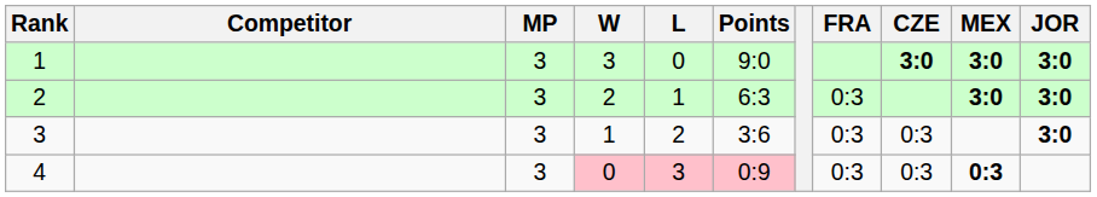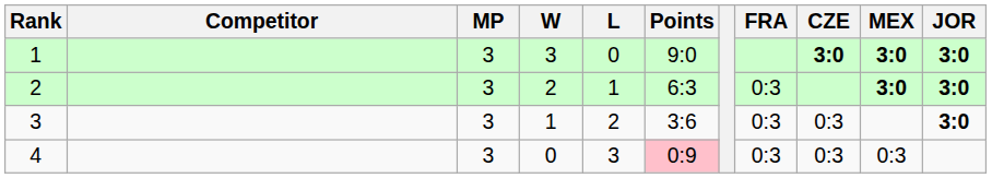 <table class="wikitable" style="text-align:center">
 <tr>
 <th>Rank</th>
 <th style="width:18em">Competitor</th>
 <th style="width:2.5em">MP</th>
 <th style="width:2.5em">W</th>
 <th style="width:2.5em">L</th>
 <th>Points</th>
 <th rowspan="5"> </th>
 <th style="width:2.5em">FRA</th>
 <th style="width:2.5em">CZE</th>
 <th style="width:2.5em">MEX</th>
 <th style="width:2.5em">JOR</th>
 </tr>
 <tr style="background:#cfc;">
 <td>1</td>
 <td style="text-align:left"></td>
 <td>3</td>
 <td>3</td>
 <td>0</td>
 <td>9:0</td>
 <td></td>
 <td><strong>3:0</strong></td>
 <td><strong>3:0</strong></td>
 <td><strong>3:0</strong></td>
 </tr>
 <tr style="background:#cfc;">
 <td>2</td>
 <td style="text-align:left"></td>
 <td>3</td>
 <td>2</td>
 <td>1</td>
 <td>6:3</td>
 <td>0:3</td>
 <td></td>
 <td><strong>3:0</strong></td>
 <td><strong>3:0</strong></td>
 </tr>
 <tr>
 <td>3</td>
 <td style="text-align:left"></td>
 <td>3</td>
 <td>1</td>
 <td>2</td>
 <td>3:6</td>
 <td>0:3</td>
 <td>0:3</td>
 <td></td>
 <td><strong>3:0</strong></td>
 </tr>
 <tr>
 <td>4</td>
 <td style="text-align:left"></td>
 <td>3</td>
-<td style="background: pink;">0</td>
-<td style="background: pink;">3</td>
+<td>0</td>
+<td>3</td>
 <td style="background: pink;">0:9</td>
 <td>0:3</td>
 <td>0:3</td>
-<td><strong>0:3</strong></td>
+<td>0:3</td>
 <td></td>
 </tr>
 </table>
